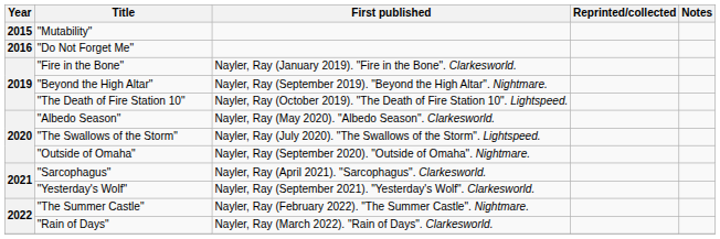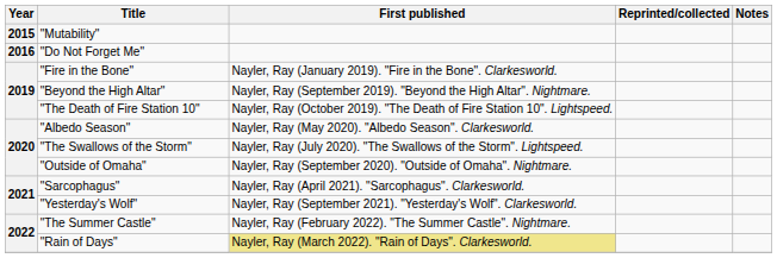 <table class="wikitable sortable">
 <tr>
 <th>Year</th>
 <th width="25%">Title</th>
 <th>First published</th>
 <th>Reprinted/collected</th>
 <th>Notes</th>
 </tr>
 <tr>
 <th>2015</th>
 <td>"Mutability"</td>
 <td></td>
 <td></td>
 <td></td>
 </tr>
 <tr>
 <th>2016</th>
 <td>"Do Not Forget Me"</td>
 <td></td>
 <td></td>
 <td></td>
 </tr>
 <tr>
 <th rowspan="3">2019</th>
 <td>"Fire in the Bone"</td>
 <td>Nayler, Ray (January 2019). "Fire in the Bone". <em>Clarkesworld.</em> <strong></strong></td>
 <td></td>
 <td></td>
 </tr>
 <tr>
 <td>"Beyond the High Altar"</td>
 <td>Nayler, Ray (September 2019). "Beyond the High Altar". <em>Nightmare.</em> <strong></strong></td>
 <td></td>
 <td></td>
 </tr>
 <tr>
 <td>"The Death of Fire Station 10"</td>
 <td>Nayler, Ray (October 2019). "The Death of Fire Station 10". <em>Lightspeed.</em> <strong></strong></td>
 <td></td>
 <td></td>
 </tr>
 <tr>
 <th rowspan="3">2020</th>
 <td>"Albedo Season"</td>
 <td>Nayler, Ray (May 2020). "Albedo Season". <em>Clarkesworld.</em> <strong></strong></td>
 <td></td>
 <td></td>
 </tr>
 <tr>
 <td>"The Swallows of the Storm"</td>
 <td>Nayler, Ray (July 2020). "The Swallows of the Storm". <em>Lightspeed.</em> <strong></strong></td>
 <td></td>
 <td></td>
 </tr>
 <tr>
 <td>"Outside of Omaha"</td>
 <td>Nayler, Ray (September 2020). "Outside of Omaha". <em>Nightmare.</em> <strong></strong></td>
 <td></td>
 <td></td>
 </tr>
 <tr>
 <th rowspan="2">2021</th>
 <td>"Sarcophagus"</td>
 <td>Nayler, Ray (April 2021). "Sarcophagus". <em>Clarkesworld.</em> <strong></strong></td>
 <td></td>
 <td></td>
 </tr>
 <tr>
 <td>"Yesterday's Wolf"</td>
 <td>Nayler, Ray (September 2021). "Yesterday's Wolf". <em>Clarkesworld.</em> <strong></strong></td>
 <td></td>
 <td></td>
 </tr>
 <tr>
 <th rowspan="2">2022</th>
 <td>"The Summer Castle"</td>
 <td>Nayler, Ray (February 2022). "The Summer Castle". <em>Nightmare.</em> <strong></strong></td>
 <td></td>
 <td></td>
 </tr>
 <tr>
 <td>"Rain of Days"</td>
-<td>Nayler, Ray (March 2022). "Rain of Days". <em>Clarkesworld.</em> <strong></strong></td>
+<td style="background: khaki;">Nayler, Ray (March 2022). "Rain of Days". <em>Clarkesworld.</em> <strong></strong></td>
 <td></td>
 <td></td>
 </tr>
 <tr>
 </tr>
 </table>
